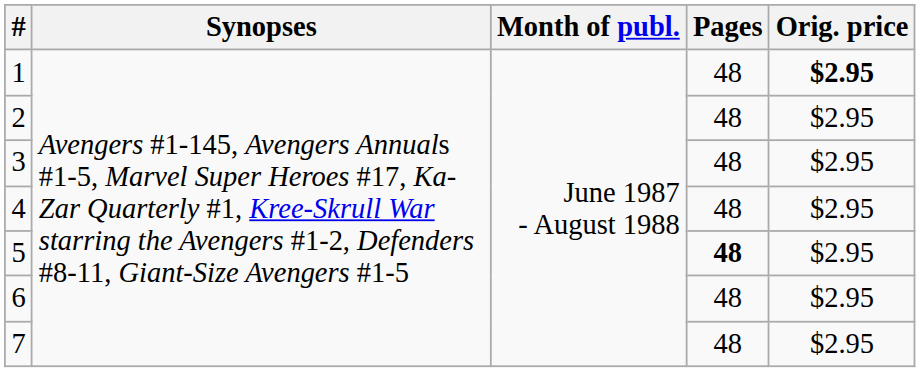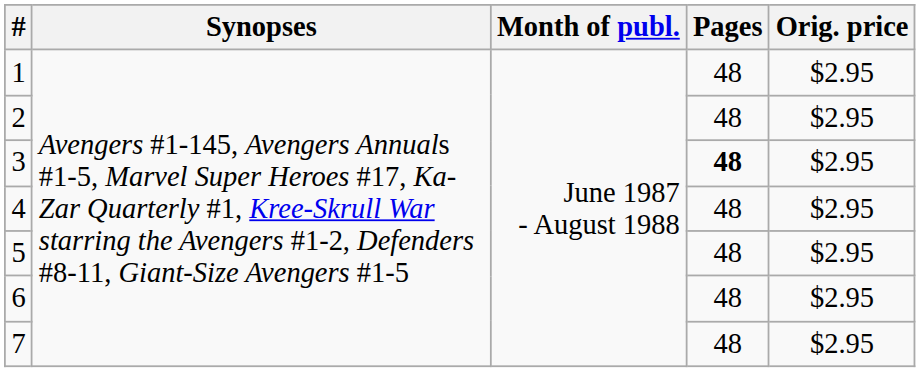 <table class="wikitable">
 <tr>
 <th>#</th>
 <th width="250">Synopses</th>
 <th>Month of <a href='#'>publ.</a></th>
 <th>Pages</th>
 <th>Orig. price</th>
 </tr>
 <tr align="center">
 <td>1</td>
 <td align="left" rowspan="7"><em>Avengers</em> #1-145, <em>Avengers Annual</em>s #1-5, <em>Marvel Super Heroes</em> #17, <em>Ka-Zar Quarterly</em> #1, <em><a href='#'>Kree-Skrull War</a> starring the Avengers</em> #1-2, <em>Defenders</em> #8-11, <em>Giant-Size Avengers</em> #1-5</td>
 <td align="right" rowspan="7">June 1987<br> - August 1988</td>
 <td>48</td>
-<td><strong>$2.95</strong></td>
+<td>$2.95</td>
 </tr>
 <tr align="center">
 <td>2</td>
 <td>48</td>
 <td>$2.95</td>
 </tr>
 <tr align="center">
 <td>3</td>
-<td>48</td>
+<td><strong>48</strong></td>
 <td>$2.95</td>
 </tr>
 <tr align="center">
 <td>4</td>
 <td>48</td>
 <td>$2.95</td>
 </tr>
 <tr align="center">
 <td>5</td>
-<td><strong>48</strong></td>
+<td>48</td>
 <td>$2.95</td>
 </tr>
 <tr align="center">
 <td>6</td>
 <td>48</td>
 <td>$2.95</td>
 </tr>
 <tr align="center">
 <td>7</td>
 <td>48</td>
 <td>$2.95</td>
 </tr>
 </table>
